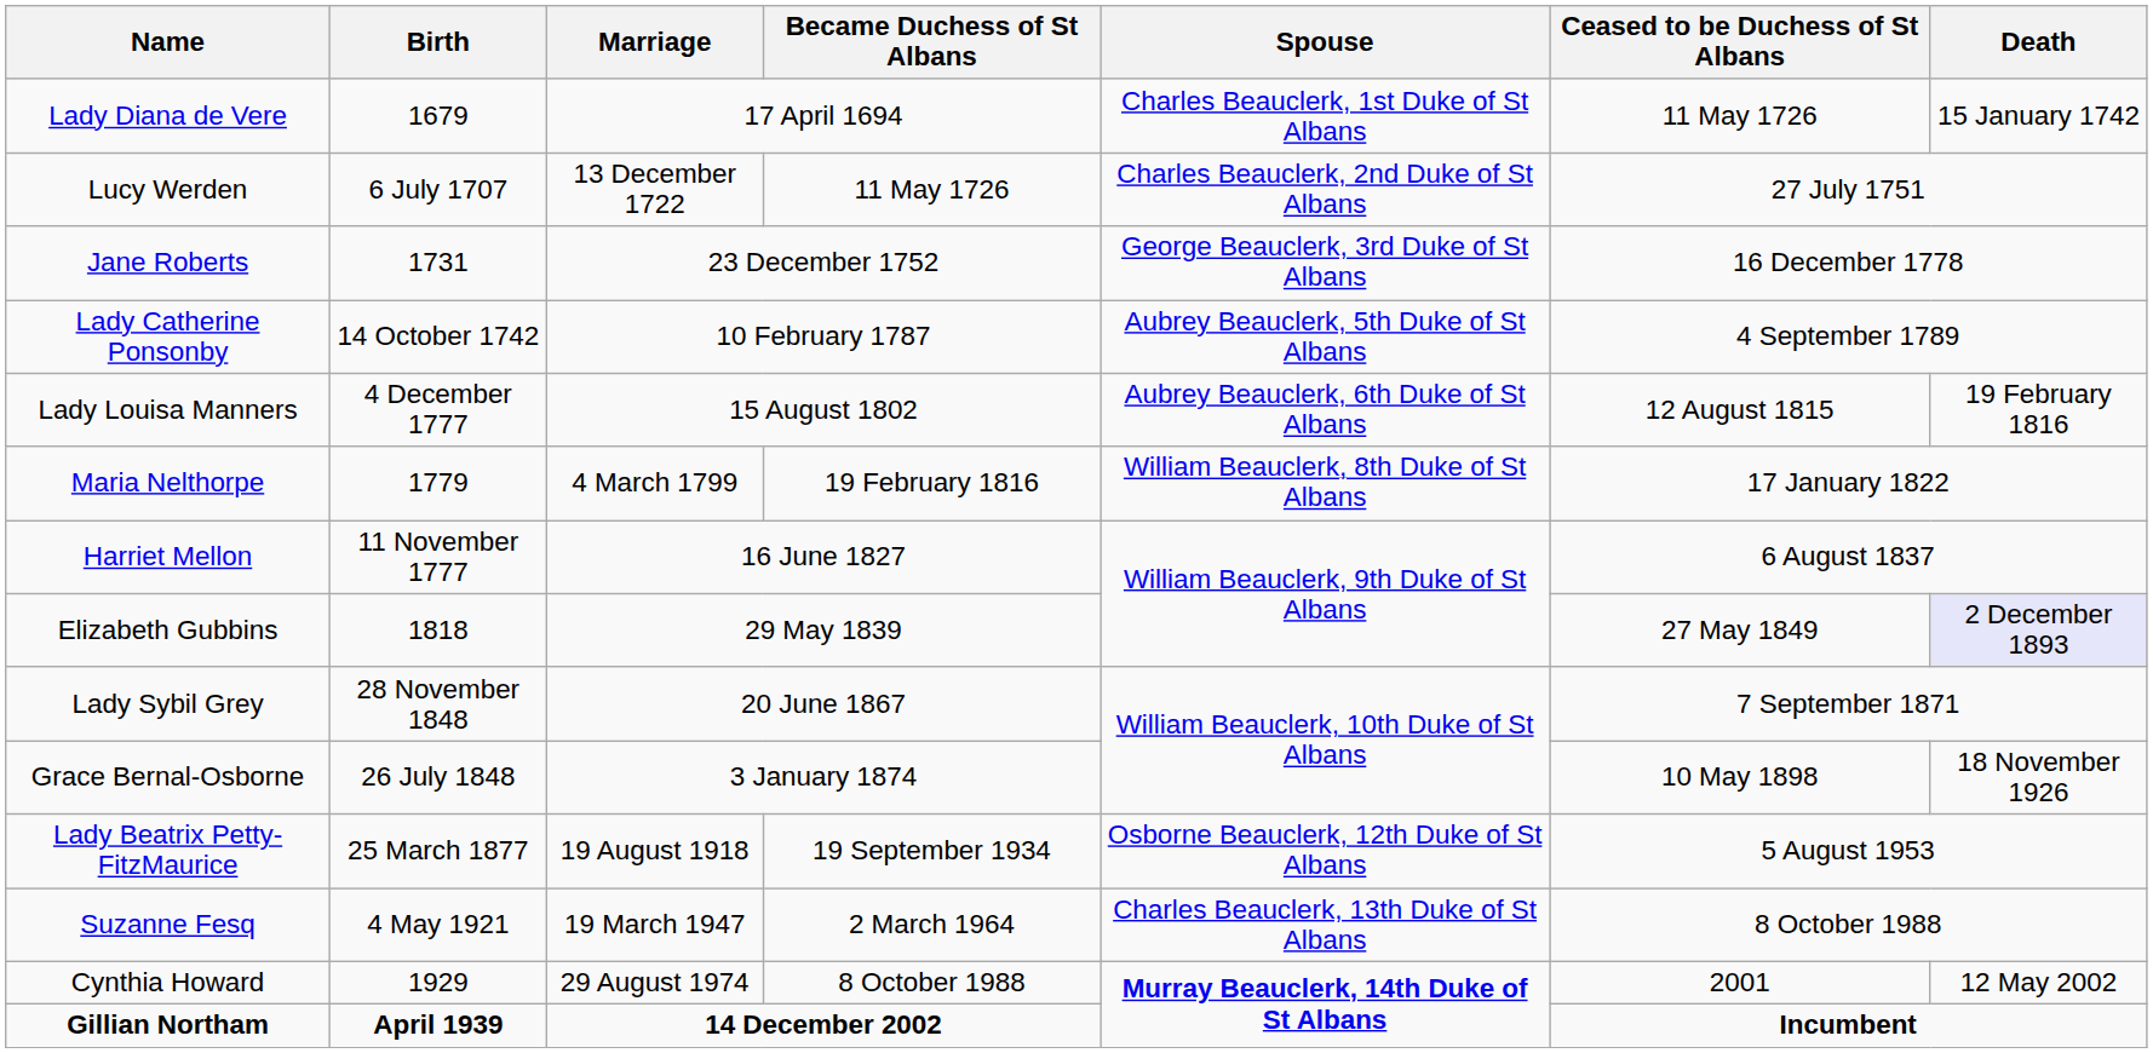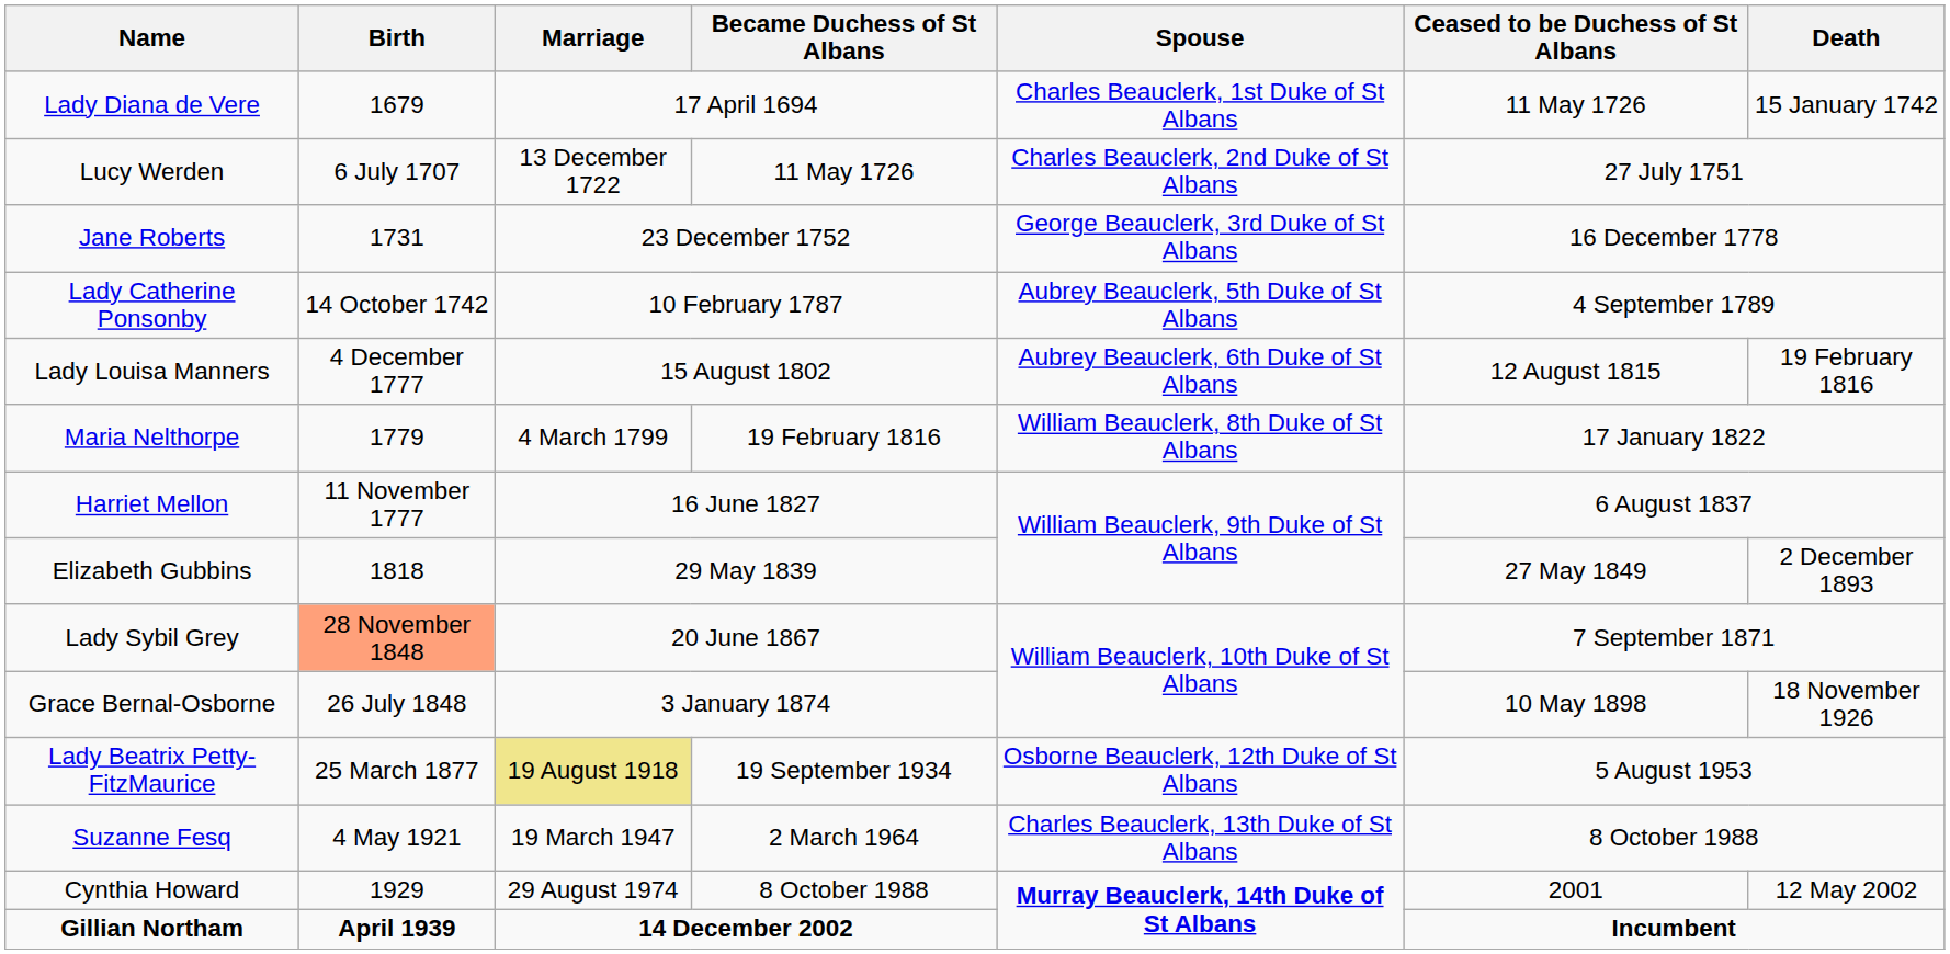 <table class="wikitable" width="100%" style="text-align: center;">
 <tr>
 <th>Name</th>
 <th>Birth</th>
 <th>Marriage</th>
 <th>Became Duchess of St Albans</th>
 <th>Spouse</th>
 <th>Ceased to be Duchess of St Albans</th>
 <th>Death</th>
 </tr>
 <tr>
 <td><a href='#'>Lady Diana de Vere</a></td>
 <td>1679</td>
 <td colspan="2">17 April 1694</td>
 <td><a href='#'>Charles Beauclerk, 1st Duke of St Albans</a></td>
 <td>11 May 1726</td>
 <td>15 January 1742</td>
 </tr>
 <tr>
 <td>Lucy Werden</td>
 <td>6 July 1707</td>
 <td>13 December 1722</td>
 <td>11 May 1726</td>
 <td><a href='#'>Charles Beauclerk, 2nd Duke of St Albans</a></td>
 <td colspan="2">27 July 1751</td>
 </tr>
 <tr>
 <td><a href='#'>Jane Roberts</a></td>
 <td>1731</td>
 <td colspan="2" align="center">23 December 1752</td>
 <td><a href='#'>George Beauclerk, 3rd Duke of St Albans</a></td>
 <td colspan="2">16 December 1778</td>
 </tr>
 <tr>
 <td><a href='#'>Lady Catherine Ponsonby</a></td>
 <td>14 October 1742</td>
 <td colspan="2">10 February 1787</td>
 <td><a href='#'>Aubrey Beauclerk, 5th Duke of St Albans</a></td>
 <td colspan="2">4 September 1789</td>
 </tr>
 <tr>
 <td>Lady Louisa Manners</td>
 <td>4 December 1777</td>
 <td colspan="2">15 August 1802</td>
 <td><a href='#'>Aubrey Beauclerk, 6th Duke of St Albans</a></td>
 <td>12 August 1815</td>
 <td>19 February 1816</td>
 </tr>
 <tr>
 <td><a href='#'>Maria Nelthorpe</a></td>
 <td>1779</td>
 <td>4 March 1799</td>
 <td>19 February 1816</td>
 <td><a href='#'>William Beauclerk, 8th Duke of St Albans</a></td>
 <td colspan="2">17 January 1822</td>
 </tr>
 <tr>
 <td><a href='#'>Harriet Mellon</a></td>
 <td>11 November 1777</td>
 <td colspan="2">16 June 1827</td>
 <td rowspan="2"><a href='#'>William Beauclerk, 9th Duke of St Albans</a></td>
 <td colspan="2">6 August 1837</td>
 </tr>
 <tr>
 <td>Elizabeth Gubbins</td>
 <td>1818</td>
 <td colspan="2">29 May 1839</td>
 <td>27 May 1849</td>
-<td style="background: lavender;">2 December 1893</td>
+<td>2 December 1893</td>
 </tr>
 <tr>
 <td>Lady Sybil Grey</td>
-<td>28 November 1848</td>
+<td style="background: lightsalmon;">28 November 1848</td>
 <td colspan="2">20 June 1867</td>
 <td rowspan="2"><a href='#'>William Beauclerk, 10th Duke of St Albans</a></td>
 <td colspan="2">7 September 1871</td>
 </tr>
 <tr>
 <td>Grace Bernal-Osborne</td>
 <td>26 July 1848</td>
 <td colspan="2">3 January 1874</td>
 <td>10 May 1898</td>
 <td>18 November 1926</td>
 </tr>
 <tr>
 <td><a href='#'>Lady Beatrix Petty-FitzMaurice</a></td>
 <td>25 March 1877</td>
-<td>19 August 1918</td>
+<td style="background: khaki;">19 August 1918</td>
 <td>19 September 1934</td>
 <td><a href='#'>Osborne Beauclerk, 12th Duke of St Albans</a></td>
 <td colspan="2">5 August 1953</td>
 </tr>
 <tr>
 <td><a href='#'>Suzanne Fesq</a></td>
 <td>4 May 1921</td>
 <td>19 March 1947</td>
 <td>2 March 1964</td>
 <td><a href='#'>Charles Beauclerk, 13th Duke of St Albans</a></td>
 <td colspan="2">8 October 1988</td>
 </tr>
 <tr>
 <td>Cynthia Howard</td>
 <td>1929</td>
 <td>29 August 1974</td>
 <td>8 October 1988</td>
 <td rowspan="2"><a href='#'><strong>Murray Beauclerk, 14th Duke of St Albans</strong></a></td>
 <td>2001</td>
 <td>12 May 2002</td>
 </tr>
 <tr>
 <td><strong>Gillian Northam</strong></td>
 <td><strong>April 1939</strong></td>
 <td colspan="2"><strong>14 December 2002</strong></td>
 <td colspan="2"><strong>Incumbent</strong></td>
 </tr>
 </table>
